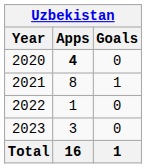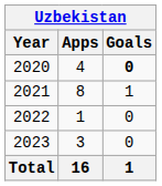 <table class="wikitable" style="text-align:center">
 <tr>
 <th colspan=3><a href='#'>Uzbekistan</a></th>
 </tr>
 <tr>
 <th>Year</th>
 <th>Apps</th>
 <th>Goals</th>
 </tr>
 <tr>
 <td>2020</td>
-<td><strong>4</strong></td>
-<td>0</td>
+<td>4</td>
+<td><strong>0</strong></td>
 </tr>
 <tr>
 <td>2021</td>
 <td>8</td>
 <td>1</td>
 </tr>
 <tr>
 <td>2022</td>
 <td>1</td>
 <td>0</td>
 </tr>
 <tr>
 <td>2023</td>
 <td>3</td>
 <td>0</td>
 </tr>
 <tr>
 <th>Total</th>
 <th>16</th>
 <th>1</th>
 </tr>
 </table>
